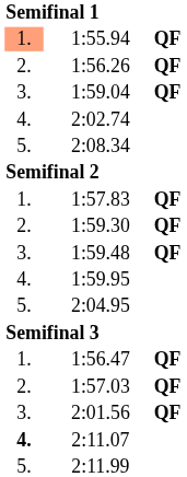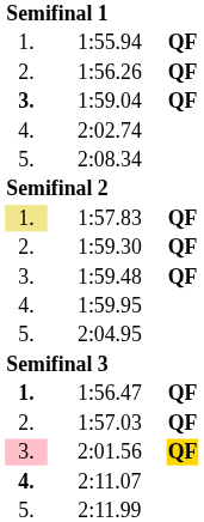 <table style="text-align:center">
 <tr>
 <td colspan=4 align=left><strong>Semifinal 1</strong></td>
 </tr>
 <tr>
-<td width=30 style="background: lightsalmon;">1.</td>
+<td width=30>1.</td>
 <td align=left></td>
 <td width=80>1:55.94</td>
 <td><strong>QF</strong></td>
 </tr>
 <tr>
 <td>2.</td>
 <td align=left></td>
 <td>1:56.26</td>
 <td><strong>QF</strong></td>
 </tr>
 <tr>
-<td>3.</td>
+<td><strong>3.</strong></td>
 <td align=left></td>
 <td>1:59.04</td>
 <td><strong>QF</strong></td>
 </tr>
 <tr>
 <td>4.</td>
 <td align=left></td>
 <td>2:02.74</td>
 <td></td>
 </tr>
 <tr>
 <td>5.</td>
 <td align=left></td>
 <td>2:08.34</td>
 <td></td>
 </tr>
 <tr>
 <td colspan=4 align=left><strong>Semifinal 2</strong></td>
 </tr>
 <tr>
-<td>1.</td>
+<td style="background: khaki;">1.</td>
 <td align=left></td>
 <td>1:57.83</td>
 <td><strong>QF</strong></td>
 </tr>
 <tr>
 <td>2.</td>
 <td align=left></td>
 <td>1:59.30</td>
 <td><strong>QF</strong></td>
 </tr>
 <tr>
 <td>3.</td>
 <td align=left></td>
 <td>1:59.48</td>
 <td><strong>QF</strong></td>
 </tr>
 <tr>
 <td>4.</td>
 <td align=left></td>
 <td>1:59.95</td>
 <td></td>
 </tr>
 <tr>
 <td>5.</td>
 <td align=left></td>
 <td>2:04.95</td>
 <td></td>
 </tr>
 <tr>
 <td colspan=4 align=left><strong>Semifinal 3</strong></td>
 </tr>
 <tr>
-<td>1.</td>
+<td><strong>1.</strong></td>
 <td align=left></td>
 <td>1:56.47</td>
 <td><strong>QF</strong></td>
 </tr>
 <tr>
 <td>2.</td>
 <td align=left></td>
 <td>1:57.03</td>
 <td><strong>QF</strong></td>
 </tr>
 <tr>
-<td>3.</td>
+<td style="background: pink;">3.</td>
 <td align=left></td>
 <td>2:01.56</td>
-<td><strong>QF</strong></td>
+<td style="background: gold;"><strong>QF</strong></td>
 </tr>
 <tr>
 <td><strong>4.</strong></td>
 <td align=left></td>
 <td>2:11.07</td>
 <td></td>
 </tr>
 <tr>
 <td>5.</td>
 <td align=left></td>
 <td>2:11.99</td>
 <td></td>
 </tr>
 </table>
